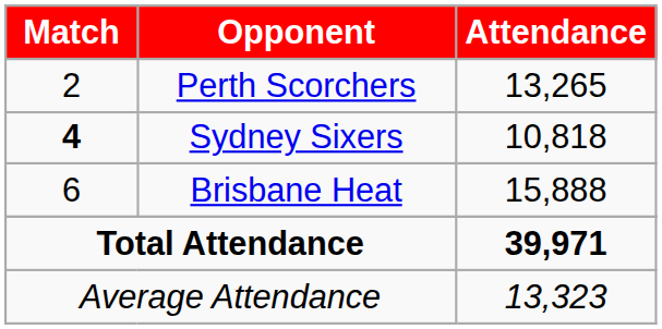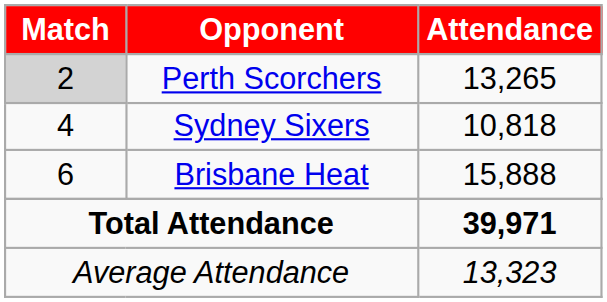 <table class="wikitable" style="text-align:center; font-size:90%">
 <tr>
 <th style="width:50px; background:red; color:white; text-align:center;">Match</th>
 <th style="width:130px; background:red; color:white; text-align:center;" class="unsortable">Opponent</th>
 <th style="width:80px; background:red; color:white; text-align:center;">Attendance</th>
 </tr>
 <tr>
 </tr>
 <tr>
-<td>2</td>
+<td style="background: lightgrey;">2</td>
 <td><a href='#'>Perth Scorchers</a></td>
 <td>13,265</td>
 </tr>
 <tr>
-<td><strong>4</strong></td>
+<td>4</td>
 <td><a href='#'>Sydney Sixers</a></td>
 <td>10,818</td>
 </tr>
 <tr>
 <td>6</td>
 <td><a href='#'>Brisbane Heat</a></td>
 <td>15,888</td>
 </tr>
 <tr>
 </tr>
 <tr class="sortbottom">
 <td colspan=2><strong>Total Attendance</strong></td>
 <td><strong>39,971</strong></td>
 </tr>
 <tr class="sortbottom">
 <td colspan=2><em>Average Attendance</em></td>
 <td><em>13,323</em></td>
 </tr>
 </table>
